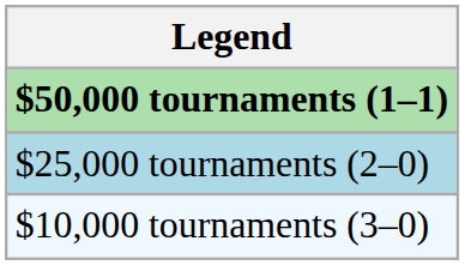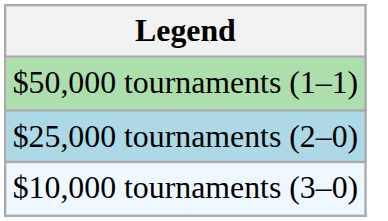 <table class=wikitable style=font-size:85%>
 <tr>
 <th>Legend</th>
 </tr>
 <tr style="background:#addfad;">
-<td><strong>$50,000 tournaments (1–1)</strong></td>
+<td>$50,000 tournaments (1–1)</td>
 </tr>
 <tr style="background:lightblue;">
 <td>$25,000 tournaments (2–0)</td>
 </tr>
 <tr style="background:#f0f8ff;">
 <td>$10,000 tournaments (3–0)</td>
 </tr>
 </table>
